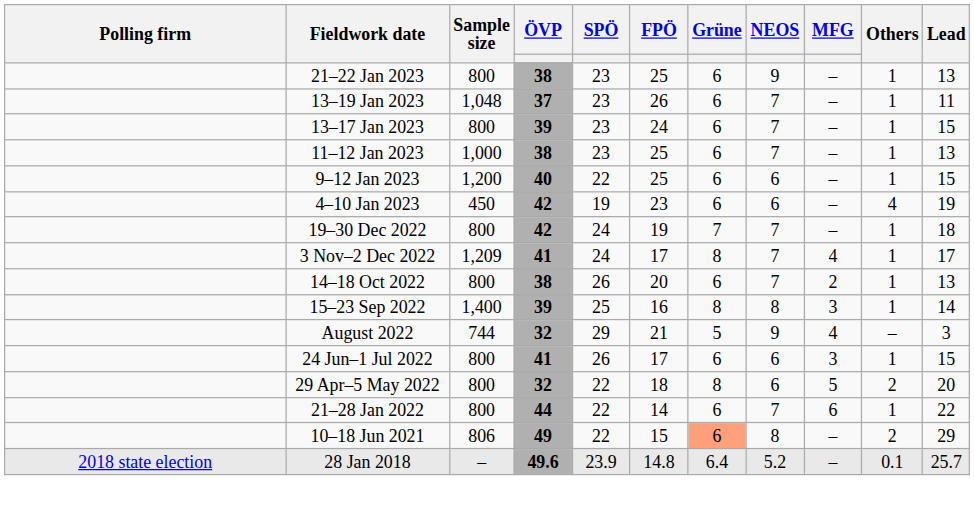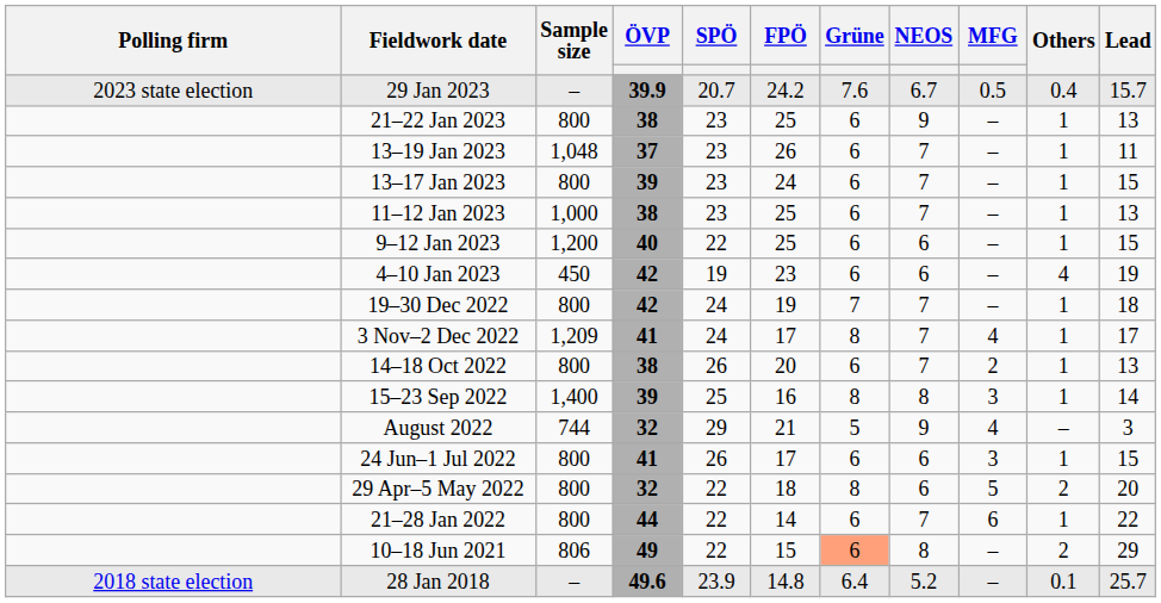 <table class="wikitable sortable" style="text-align:center;font-size:90%;line-height:14px;">
 <tr style="height:40px;">
 <th style="width:220px;" rowspan="2">Polling firm</th>
 <th style="width:125px;" rowspan="2">Fieldwork date</th>
 <th style="width:35px;" rowspan="2">Sample<br>size</th>
 <th class="unsortable" style="width:40px;"><a href='#'>ÖVP</a></th>
 <th class="unsortable" style="width:40px;"><a href='#'>SPÖ</a></th>
 <th class="unsortable" style="width:40px;"><a href='#'>FPÖ</a></th>
 <th class="unsortable" style="width:40px;"><a href='#'>Grüne</a></th>
 <th class="unsortable" style="width:40px;"><a href='#'>NEOS</a></th>
 <th class="unsortable" style="width:40px;"><a href='#'>MFG</a></th>
 <th class="unsortable" style="width:40px;" rowspan="2">Others</th>
 <th style="width:30px;" rowspan="2">Lead</th>
 </tr>
 <tr>
 <th style="background:"></th>
 <th style="background:"></th>
 <th style="background:"></th>
 <th style="background:"></th>
 <th style="background:"></th>
 <th style="background:"></th>
+</tr>
+<tr style="background:#E9E9E9;">
+<td>2023 state election</td>
+<td>29 Jan 2023</td>
+<td>–</td>
+<td style="background:#b0b0b0;"><strong>39.9</strong></td>
+<td>20.7</td>
+<td>24.2</td>
+<td>7.6</td>
+<td>6.7</td>
+<td>0.5</td>
+<td>0.4</td>
+<td style="background:">15.7</td>
 </tr>
 <tr>
 <td></td>
 <td data-sort-value="2023-01-22">21–22 Jan 2023</td>
 <td>800</td>
 <td style="background:#b0b0b0;"><strong>38</strong></td>
 <td>23</td>
 <td>25</td>
 <td>6</td>
 <td>9</td>
 <td>–</td>
 <td>1</td>
 <td style="background:">13</td>
 </tr>
 <tr>
 <td></td>
 <td data-sort-value="2023-01-19">13–19 Jan 2023</td>
 <td>1,048</td>
 <td style="background:#b0b0b0;"><strong>37</strong></td>
 <td>23</td>
 <td>26</td>
 <td>6</td>
 <td>7</td>
 <td>–</td>
 <td>1</td>
 <td style="background:">11</td>
 </tr>
 <tr>
 <td></td>
 <td data-sort-value="2023-01-17">13–17 Jan 2023</td>
 <td>800</td>
 <td style="background:#b0b0b0;"><strong>39</strong></td>
 <td>23</td>
 <td>24</td>
 <td>6</td>
 <td>7</td>
 <td>–</td>
 <td>1</td>
 <td style="background:">15</td>
 </tr>
 <tr>
 <td></td>
 <td data-sort-value="2023-01-12">11–12 Jan 2023</td>
 <td>1,000</td>
 <td style="background:#b0b0b0;"><strong>38</strong></td>
 <td>23</td>
 <td>25</td>
 <td>6</td>
 <td>7</td>
 <td>–</td>
 <td>1</td>
 <td style="background:">13</td>
 </tr>
 <tr>
 <td></td>
 <td data-sort-value="2023-01-12">9–12 Jan 2023</td>
 <td>1,200</td>
 <td style="background:#b0b0b0;"><strong>40</strong></td>
 <td>22</td>
 <td>25</td>
 <td>6</td>
 <td>6</td>
 <td>–</td>
 <td>1</td>
 <td style="background:">15</td>
 </tr>
 <tr>
 <td></td>
 <td data-sort-value="2023-01-10">4–10 Jan 2023</td>
 <td>450</td>
 <td style="background:#b0b0b0;"><strong>42</strong></td>
 <td>19</td>
 <td>23</td>
 <td>6</td>
 <td>6</td>
 <td>–</td>
 <td>4</td>
 <td style="background:">19</td>
 </tr>
 <tr>
 <td></td>
 <td data-sort-value="2022-12-30">19–30 Dec 2022</td>
 <td>800</td>
 <td style="background:#b0b0b0;"><strong>42</strong></td>
 <td>24</td>
 <td>19</td>
 <td>7</td>
 <td>7</td>
 <td>–</td>
 <td>1</td>
 <td style="background:">18</td>
 </tr>
 <tr>
 <td></td>
 <td data-sort-value="2022-12-02">3 Nov–2 Dec 2022</td>
 <td>1,209</td>
 <td style="background:#b0b0b0;"><strong>41</strong></td>
 <td>24</td>
 <td>17</td>
 <td>8</td>
 <td>7</td>
 <td>4</td>
 <td>1</td>
 <td style="background:">17</td>
 </tr>
 <tr>
 <td></td>
 <td data-sort-value="2022-10-31">14–18 Oct 2022</td>
 <td>800</td>
 <td style="background:#b0b0b0;"><strong>38</strong></td>
 <td>26</td>
 <td>20</td>
 <td>6</td>
 <td>7</td>
 <td>2</td>
 <td>1</td>
 <td style="background:">13</td>
 </tr>
 <tr>
 <td></td>
 <td data-sort-value="2022-09-27">15–23 Sep 2022</td>
 <td>1,400</td>
 <td style="background:#b0b0b0;"><strong>39</strong></td>
 <td>25</td>
 <td>16</td>
 <td>8</td>
 <td>8</td>
 <td>3</td>
 <td>1</td>
 <td style="background:">14</td>
 </tr>
 <tr>
 <td></td>
 <td data-sort-value="2022-08-26">August 2022</td>
 <td>744</td>
 <td style="background:#b0b0b0;"><strong>32</strong></td>
 <td>29</td>
 <td>21</td>
 <td>5</td>
 <td>9</td>
 <td>4</td>
 <td>–</td>
 <td style="background:">3</td>
 </tr>
 <tr>
 <td></td>
 <td data-sort-value="2022-07-06">24 Jun–1 Jul 2022</td>
 <td>800</td>
 <td style="background:#b0b0b0;"><strong>41</strong></td>
 <td>26</td>
 <td>17</td>
 <td>6</td>
 <td>6</td>
 <td>3</td>
 <td>1</td>
 <td style="background:">15</td>
 </tr>
 <tr>
 <td></td>
 <td data-sort-value="2022-05-12">29 Apr–5 May 2022</td>
 <td>800</td>
 <td style="background:#b0b0b0;"><strong>32</strong></td>
 <td>22</td>
 <td>18</td>
 <td>8</td>
 <td>6</td>
 <td>5</td>
 <td>2</td>
 <td style="background:">20</td>
 </tr>
 <tr>
 <td></td>
 <td data-sort-value="2022-02-02">21–28 Jan 2022</td>
 <td>800</td>
 <td style="background:#b0b0b0;"><strong>44</strong></td>
 <td>22</td>
 <td>14</td>
 <td>6</td>
 <td>7</td>
 <td>6</td>
 <td>1</td>
 <td style="background:">22</td>
 </tr>
 <tr>
 <td></td>
 <td data-sort-value="2021-06-22">10–18 Jun 2021</td>
 <td>806</td>
 <td style="background:#b0b0b0;"><strong>49</strong></td>
 <td>22</td>
 <td>15</td>
 <td style="background: lightsalmon;">6</td>
 <td>8</td>
 <td>–</td>
 <td>2</td>
 <td style="background:">29</td>
 </tr>
 <tr style="background:#E9E9E9;">
 <td><a href='#'>2018 state election</a></td>
 <td data-sort-value="2018-01-28">28 Jan 2018</td>
 <td>–</td>
 <td style="background:#b0b0b0;"><strong>49.6</strong></td>
 <td>23.9</td>
 <td>14.8</td>
 <td>6.4</td>
 <td>5.2</td>
 <td>–</td>
 <td>0.1</td>
 <td style="background:">25.7</td>
 </tr>
 </table>
